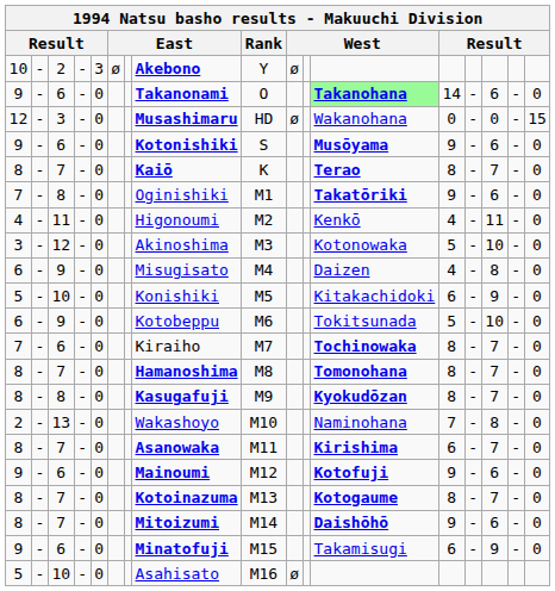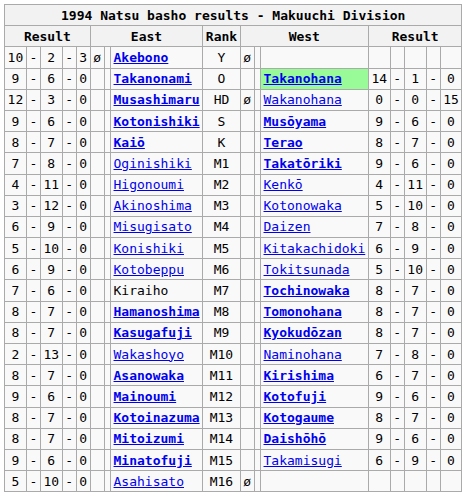 <table class="wikitable">
 <tr>
 <th colspan="17">1994 Natsu basho results - Makuuchi Division</th>
 </tr>
 <tr>
 <th colspan="5">Result</th>
 <th colspan="3">East</th>
 <th>Rank</th>
 <th colspan="3">West</th>
 <th colspan="5">Result</th>
 </tr>
 <tr>
 <td align=center>10</td>
 <td align=center>-</td>
 <td align=center>2</td>
 <td align=center>-</td>
 <td align=center>3</td>
 <td align=center>ø</td>
 <td align=center></td>
 <td><strong><a href='#'>Akebono</a></strong></td>
 <td align=center>Y</td>
 <td align=center>ø</td>
 <td align=center></td>
 <td></td>
 <td align=center></td>
 <td align=center></td>
 <td align=center></td>
 <td align=center></td>
 <td align=center></td>
 </tr>
 <tr>
 <td align=center>9</td>
 <td align=center>-</td>
 <td align=center>6</td>
 <td align=center>-</td>
 <td align=center>0</td>
 <td align=center></td>
 <td align=center></td>
 <td><strong><a href='#'>Takanonami</a></strong></td>
 <td align=center>O</td>
 <td align=center></td>
 <td align=center></td>
 <td style="background: PaleGreen;"><strong><a href='#'>Takanohana</a></strong></td>
 <td align=center>14</td>
 <td align=center>-</td>
-<td align=center>6</td>
+<td align=center>1</td>
 <td align=center>-</td>
 <td align=center>0</td>
 </tr>
 <tr>
 <td align=center>12</td>
 <td align=center>-</td>
 <td align=center>3</td>
 <td align=center>-</td>
 <td align=center>0</td>
 <td align=center></td>
 <td align=center></td>
 <td><strong><a href='#'>Musashimaru</a></strong></td>
 <td align=center>HD</td>
 <td align=center>ø</td>
 <td align=center></td>
 <td><a href='#'>Wakanohana</a></td>
 <td align=center>0</td>
 <td align=center>-</td>
 <td align=center>0</td>
 <td align=center>-</td>
 <td align=center>15</td>
 </tr>
 <tr>
 <td align=center>9</td>
 <td align=center>-</td>
 <td align=center>6</td>
 <td align=center>-</td>
 <td align=center>0</td>
 <td align=center></td>
 <td align=center></td>
 <td><strong><a href='#'>Kotonishiki</a></strong></td>
 <td align=center>S</td>
 <td align=center></td>
 <td align=center></td>
 <td><strong><a href='#'>Musōyama</a></strong></td>
 <td align=center>9</td>
 <td align=center>-</td>
 <td align=center>6</td>
 <td align=center>-</td>
 <td align=center>0</td>
 </tr>
 <tr>
 <td align=center>8</td>
 <td align=center>-</td>
 <td align=center>7</td>
 <td align=center>-</td>
 <td align=center>0</td>
 <td align=center></td>
 <td align=center></td>
 <td><strong><a href='#'>Kaiō</a></strong></td>
 <td align=center>K</td>
 <td align=center></td>
 <td align=center></td>
 <td><strong><a href='#'>Terao</a></strong></td>
 <td align=center>8</td>
 <td align=center>-</td>
 <td align=center>7</td>
 <td align=center>-</td>
 <td align=center>0</td>
 </tr>
 <tr>
 <td align=center>7</td>
 <td align=center>-</td>
 <td align=center>8</td>
 <td align=center>-</td>
 <td align=center>0</td>
 <td align=center></td>
 <td align=center></td>
 <td><a href='#'>Oginishiki</a></td>
 <td align=center>M1</td>
 <td align=center></td>
 <td align=center></td>
 <td><strong><a href='#'>Takatōriki</a></strong></td>
 <td align=center>9</td>
 <td align=center>-</td>
 <td align=center>6</td>
 <td align=center>-</td>
 <td align=center>0</td>
 </tr>
 <tr>
 <td align=center>4</td>
 <td align=center>-</td>
 <td align=center>11</td>
 <td align=center>-</td>
 <td align=center>0</td>
 <td align=center></td>
 <td align=center></td>
 <td><a href='#'>Higonoumi</a></td>
 <td align=center>M2</td>
 <td align=center></td>
 <td align=center></td>
 <td><a href='#'>Kenkō</a></td>
 <td align=center>4</td>
 <td align=center>-</td>
 <td align=center>11</td>
 <td align=center>-</td>
 <td align=center>0</td>
 </tr>
 <tr>
 <td align=center>3</td>
 <td align=center>-</td>
 <td align=center>12</td>
 <td align=center>-</td>
 <td align=center>0</td>
 <td align=center></td>
 <td align=center></td>
 <td><a href='#'>Akinoshima</a></td>
 <td align=center>M3</td>
 <td align=center></td>
 <td align=center></td>
 <td><a href='#'>Kotonowaka</a></td>
 <td align=center>5</td>
 <td align=center>-</td>
 <td align=center>10</td>
 <td align=center>-</td>
 <td align=center>0</td>
 </tr>
 <tr>
 <td align=center>6</td>
 <td align=center>-</td>
 <td align=center>9</td>
 <td align=center>-</td>
 <td align=center>0</td>
 <td align=center></td>
 <td align=center></td>
 <td><a href='#'>Misugisato</a></td>
 <td align=center>M4</td>
 <td align=center></td>
 <td align=center></td>
 <td><a href='#'>Daizen</a></td>
-<td align=center>4</td>
+<td align=center>7</td>
 <td align=center>-</td>
 <td align=center>8</td>
 <td align=center>-</td>
 <td align=center>0</td>
 </tr>
 <tr>
 <td align=center>5</td>
 <td align=center>-</td>
 <td align=center>10</td>
 <td align=center>-</td>
 <td align=center>0</td>
 <td align=center></td>
 <td align=center></td>
 <td><a href='#'>Konishiki</a></td>
 <td align=center>M5</td>
 <td align=center></td>
 <td align=center></td>
 <td><a href='#'>Kitakachidoki</a></td>
 <td align=center>6</td>
 <td align=center>-</td>
 <td align=center>9</td>
 <td align=center>-</td>
 <td align=center>0</td>
 </tr>
 <tr>
 <td align=center>6</td>
 <td align=center>-</td>
 <td align=center>9</td>
 <td align=center>-</td>
 <td align=center>0</td>
 <td align=center></td>
 <td align=center></td>
 <td><a href='#'>Kotobeppu</a></td>
 <td align=center>M6</td>
 <td align=center></td>
 <td align=center></td>
 <td><a href='#'>Tokitsunada</a></td>
 <td align=center>5</td>
 <td align=center>-</td>
 <td align=center>10</td>
 <td align=center>-</td>
 <td align=center>0</td>
 </tr>
 <tr>
 <td align=center>7</td>
 <td align=center>-</td>
 <td align=center>6</td>
 <td align=center>-</td>
 <td align=center>0</td>
 <td align=center></td>
 <td align=center></td>
 <td>Kiraiho</td>
 <td align=center>M7</td>
 <td align=center></td>
 <td align=center></td>
 <td><strong><a href='#'>Tochinowaka</a></strong></td>
 <td align=center>8</td>
 <td align=center>-</td>
 <td align=center>7</td>
 <td align=center>-</td>
 <td align=center>0</td>
 </tr>
 <tr>
 <td align=center>8</td>
 <td align=center>-</td>
 <td align=center>7</td>
 <td align=center>-</td>
 <td align=center>0</td>
 <td align=center></td>
 <td align=center></td>
 <td><strong><a href='#'>Hamanoshima</a></strong></td>
 <td align=center>M8</td>
 <td align=center></td>
 <td align=center></td>
 <td><strong><a href='#'>Tomonohana</a></strong></td>
 <td align=center>8</td>
 <td align=center>-</td>
 <td align=center>7</td>
 <td align=center>-</td>
 <td align=center>0</td>
 </tr>
 <tr>
 <td align=center>8</td>
 <td align=center>-</td>
-<td align=center>8</td>
+<td align=center>7</td>
 <td align=center>-</td>
 <td align=center>0</td>
 <td align=center></td>
 <td align=center></td>
 <td><strong><a href='#'>Kasugafuji</a></strong></td>
 <td align=center>M9</td>
 <td align=center></td>
 <td align=center></td>
 <td><strong><a href='#'>Kyokudōzan</a></strong></td>
 <td align=center>8</td>
 <td align=center>-</td>
 <td align=center>7</td>
 <td align=center>-</td>
 <td align=center>0</td>
 </tr>
 <tr>
 <td align=center>2</td>
 <td align=center>-</td>
 <td align=center>13</td>
 <td align=center>-</td>
 <td align=center>0</td>
 <td align=center></td>
 <td align=center></td>
 <td><a href='#'>Wakashoyo</a></td>
 <td align=center>M10</td>
 <td align=center></td>
 <td align=center></td>
 <td><a href='#'>Naminohana</a></td>
 <td align=center>7</td>
 <td align=center>-</td>
 <td align=center>8</td>
 <td align=center>-</td>
 <td align=center>0</td>
 </tr>
 <tr>
 <td align=center>8</td>
 <td align=center>-</td>
 <td align=center>7</td>
 <td align=center>-</td>
 <td align=center>0</td>
 <td align=center></td>
 <td align=center></td>
 <td><strong><a href='#'>Asanowaka</a></strong></td>
 <td align=center>M11</td>
 <td align=center></td>
 <td align=center></td>
 <td><strong><a href='#'>Kirishima</a></strong></td>
 <td align=center>6</td>
 <td align=center>-</td>
 <td align=center>7</td>
 <td align=center>-</td>
 <td align=center>0</td>
 </tr>
 <tr>
 <td align=center>9</td>
 <td align=center>-</td>
 <td align=center>6</td>
 <td align=center>-</td>
 <td align=center>0</td>
 <td align=center></td>
 <td align=center></td>
 <td><strong><a href='#'>Mainoumi</a></strong></td>
 <td align=center>M12</td>
 <td align=center></td>
 <td align=center></td>
 <td><strong><a href='#'>Kotofuji</a></strong></td>
 <td align=center>9</td>
 <td align=center>-</td>
 <td align=center>6</td>
 <td align=center>-</td>
 <td align=center>0</td>
 </tr>
 <tr>
 <td align=center>8</td>
 <td align=center>-</td>
 <td align=center>7</td>
 <td align=center>-</td>
 <td align=center>0</td>
 <td align=center></td>
 <td align=center></td>
 <td><strong><a href='#'>Kotoinazuma</a></strong></td>
 <td align=center>M13</td>
 <td align=center></td>
 <td align=center></td>
 <td><strong><a href='#'>Kotogaume</a></strong></td>
 <td align=center>8</td>
 <td align=center>-</td>
 <td align=center>7</td>
 <td align=center>-</td>
 <td align=center>0</td>
 </tr>
 <tr>
 <td align=center>8</td>
 <td align=center>-</td>
 <td align=center>7</td>
 <td align=center>-</td>
 <td align=center>0</td>
 <td align=center></td>
 <td align=center></td>
 <td><strong><a href='#'>Mitoizumi</a></strong></td>
 <td align=center>M14</td>
 <td align=center></td>
 <td align=center></td>
 <td><strong><a href='#'>Daishōhō</a></strong></td>
 <td align=center>9</td>
 <td align=center>-</td>
 <td align=center>6</td>
 <td align=center>-</td>
 <td align=center>0</td>
 </tr>
 <tr>
 <td align=center>9</td>
 <td align=center>-</td>
 <td align=center>6</td>
 <td align=center>-</td>
 <td align=center>0</td>
 <td align=center></td>
 <td align=center></td>
 <td><strong><a href='#'>Minatofuji</a></strong></td>
 <td align=center>M15</td>
 <td align=center></td>
 <td align=center></td>
 <td><a href='#'>Takamisugi</a></td>
 <td align=center>6</td>
 <td align=center>-</td>
 <td align=center>9</td>
 <td align=center>-</td>
 <td align=center>0</td>
 </tr>
 <tr>
 <td align=center>5</td>
 <td align=center>-</td>
 <td align=center>10</td>
 <td align=center>-</td>
 <td align=center>0</td>
 <td align=center></td>
 <td align=center></td>
 <td><a href='#'>Asahisato</a></td>
 <td align=center>M16</td>
 <td align=center>ø</td>
 <td align=center></td>
 <td></td>
 <td align=center></td>
 <td align=center></td>
 <td align=center></td>
 <td align=center></td>
 <td align=center></td>
 </tr>
 </table>
